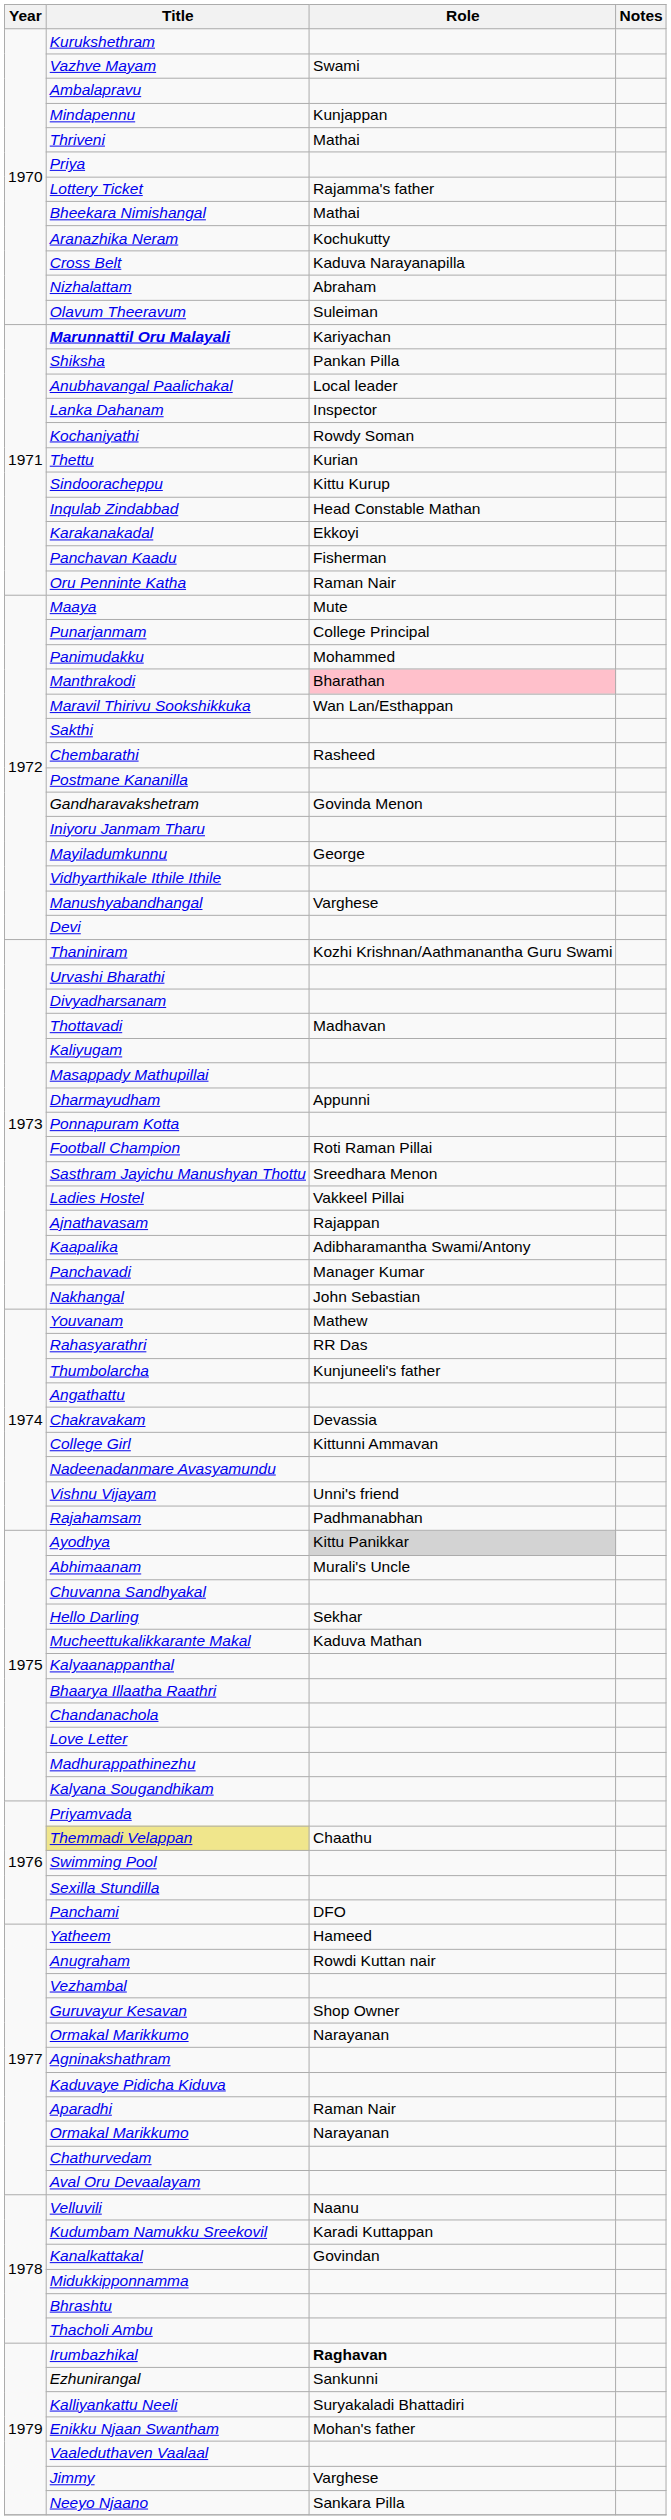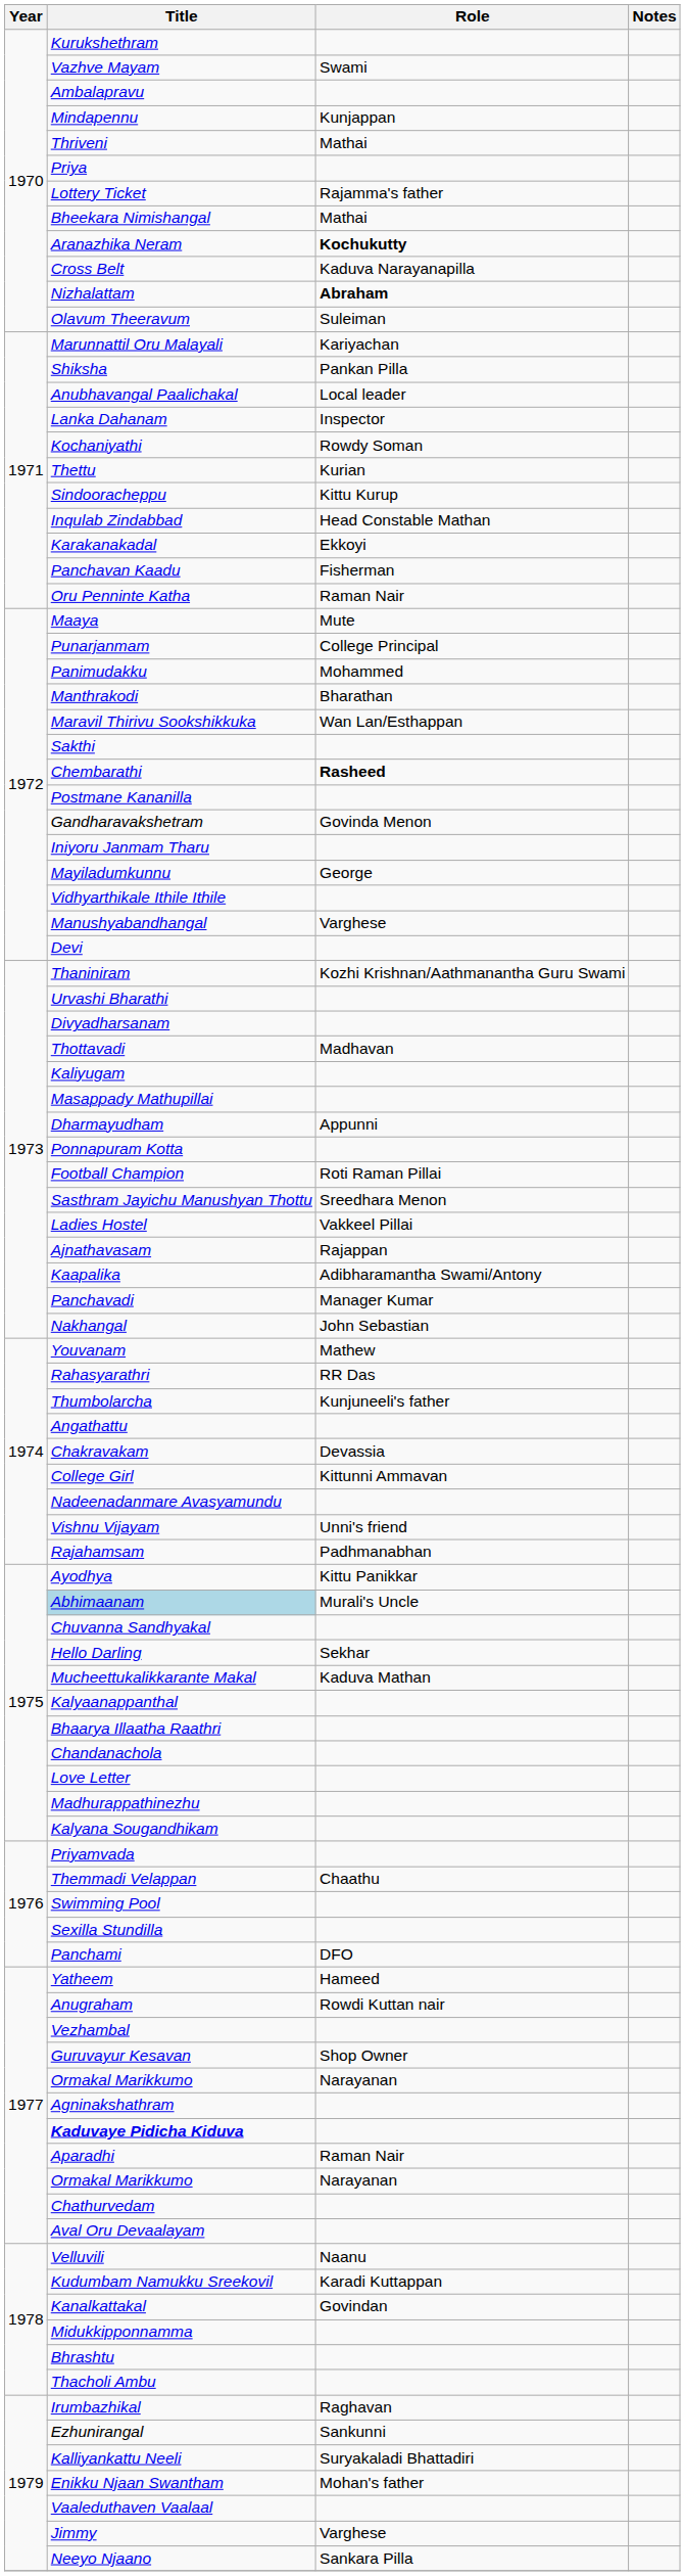 <table class="wikitable sortable">
 <tr>
 <th>Year</th>
 <th>Title</th>
 <th>Role</th>
 <th class="unsortable">Notes</th>
 </tr>
 <tr>
 <td rowspan=12>1970</td>
 <td><em><a href='#'>Kurukshethram</a></em></td>
 <td></td>
 <td></td>
 </tr>
 <tr>
 <td><em><a href='#'>Vazhve Mayam</a></em></td>
 <td>Swami</td>
 <td></td>
 </tr>
 <tr>
 <td><em><a href='#'>Ambalapravu</a></em></td>
 <td></td>
 <td></td>
 </tr>
 <tr>
 <td><em><a href='#'>Mindapennu</a></em></td>
 <td>Kunjappan</td>
 <td></td>
 </tr>
 <tr>
 <td><em><a href='#'>Thriveni</a></em></td>
 <td>Mathai</td>
 <td></td>
 </tr>
 <tr>
 <td><em><a href='#'>Priya</a></em></td>
 <td></td>
 <td></td>
 </tr>
 <tr>
 <td><em><a href='#'>Lottery Ticket</a></em></td>
 <td>Rajamma's father</td>
 <td></td>
 </tr>
 <tr>
 <td><em><a href='#'>Bheekara Nimishangal</a></em></td>
 <td>Mathai</td>
 <td></td>
 </tr>
 <tr>
 <td><em><a href='#'>Aranazhika Neram</a></em></td>
-<td>Kochukutty</td>
+<td><strong>Kochukutty</strong></td>
 <td></td>
 </tr>
 <tr>
 <td><em><a href='#'>Cross Belt</a></em></td>
 <td>Kaduva Narayanapilla</td>
 <td></td>
 </tr>
 <tr>
 <td><em><a href='#'>Nizhalattam</a></em></td>
-<td>Abraham</td>
+<td><strong>Abraham</strong></td>
 <td></td>
 </tr>
 <tr>
 <td><em><a href='#'>Olavum Theeravum</a></em></td>
 <td>Suleiman</td>
 <td></td>
 </tr>
 <tr>
 <td rowspan=11>1971</td>
-<td><strong><em><a href='#'>Marunnattil Oru Malayali</a></em></strong></td>
+<td><em><a href='#'>Marunnattil Oru Malayali</a></em></td>
 <td>Kariyachan</td>
 <td></td>
 </tr>
 <tr>
 <td><em><a href='#'>Shiksha</a></em></td>
 <td>Pankan Pilla</td>
 <td></td>
 </tr>
 <tr>
 <td><em><a href='#'>Anubhavangal Paalichakal</a></em></td>
 <td>Local leader</td>
 <td></td>
 </tr>
 <tr>
 <td><em><a href='#'>Lanka Dahanam</a></em></td>
 <td>Inspector</td>
 <td></td>
 </tr>
 <tr>
 <td><em><a href='#'>Kochaniyathi</a></em></td>
 <td>Rowdy Soman</td>
 <td></td>
 </tr>
 <tr>
 <td><em><a href='#'>Thettu</a></em></td>
 <td>Kurian</td>
 <td></td>
 </tr>
 <tr>
 <td><em><a href='#'>Sindooracheppu</a></em></td>
 <td>Kittu Kurup</td>
 <td></td>
 </tr>
 <tr>
 <td><em><a href='#'>Inqulab Zindabbad</a></em></td>
 <td>Head Constable Mathan</td>
 <td></td>
 </tr>
 <tr>
 <td><em><a href='#'>Karakanakadal</a></em></td>
 <td>Ekkoyi</td>
 <td></td>
 </tr>
 <tr>
 <td><em><a href='#'>Panchavan Kaadu</a></em></td>
 <td>Fisherman</td>
 <td></td>
 </tr>
 <tr>
 <td><em><a href='#'>Oru Penninte Katha</a></em></td>
 <td>Raman Nair</td>
 <td></td>
 </tr>
 <tr>
 <td rowspan=14>1972</td>
 <td><em><a href='#'>Maaya</a></em></td>
 <td>Mute</td>
 <td></td>
 </tr>
 <tr>
 <td><em><a href='#'>Punarjanmam</a></em></td>
 <td>College Principal</td>
 <td></td>
 </tr>
 <tr>
 <td><em><a href='#'>Panimudakku</a></em></td>
 <td>Mohammed</td>
 <td></td>
 </tr>
 <tr>
 <td><em><a href='#'>Manthrakodi</a></em></td>
-<td style="background: pink;">Bharathan</td>
+<td>Bharathan</td>
 <td></td>
 </tr>
 <tr>
 <td><em><a href='#'>Maravil Thirivu Sookshikkuka</a></em></td>
 <td>Wan Lan/Esthappan</td>
 <td></td>
 </tr>
 <tr>
 <td><em><a href='#'>Sakthi</a></em></td>
 <td></td>
 <td></td>
 </tr>
 <tr>
 <td><em><a href='#'>Chembarathi</a></em></td>
-<td>Rasheed</td>
+<td><strong>Rasheed</strong></td>
 <td></td>
 </tr>
 <tr>
 <td><em><a href='#'>Postmane Kananilla</a></em></td>
 <td></td>
 <td></td>
 </tr>
 <tr>
 <td><em>Gandharavakshetram</em></td>
 <td>Govinda Menon</td>
 <td></td>
 </tr>
 <tr>
 <td><em><a href='#'>Iniyoru Janmam Tharu</a></em></td>
 <td></td>
 <td></td>
 </tr>
 <tr>
 <td><em><a href='#'>Mayiladumkunnu</a></em></td>
 <td>George</td>
 <td></td>
 </tr>
 <tr>
 <td><em><a href='#'>Vidhyarthikale Ithile Ithile</a></em></td>
 <td></td>
 <td></td>
 </tr>
 <tr>
 <td><em><a href='#'>Manushyabandhangal</a></em></td>
 <td>Varghese</td>
 <td></td>
 </tr>
 <tr>
 <td><em><a href='#'>Devi</a></em></td>
 <td></td>
 <td></td>
 </tr>
 <tr>
 <td rowspan=15>1973</td>
 <td><em><a href='#'>Thaniniram</a></em></td>
 <td>Kozhi Krishnan/Aathmanantha Guru Swami</td>
 <td></td>
 </tr>
 <tr>
 <td><em><a href='#'>Urvashi Bharathi</a></em></td>
 <td></td>
 <td></td>
 </tr>
 <tr>
 <td><em><a href='#'>Divyadharsanam</a></em></td>
 <td></td>
 <td></td>
 </tr>
 <tr>
 <td><em><a href='#'>Thottavadi</a></em></td>
 <td>Madhavan</td>
 <td></td>
 </tr>
 <tr>
 <td><em><a href='#'>Kaliyugam</a></em></td>
 <td></td>
 <td></td>
 </tr>
 <tr>
 <td><em><a href='#'>Masappady Mathupillai</a></em></td>
 <td></td>
 <td></td>
 </tr>
 <tr>
 <td><em><a href='#'>Dharmayudham</a></em></td>
 <td>Appunni</td>
 <td></td>
 </tr>
 <tr>
 <td><em><a href='#'>Ponnapuram Kotta</a></em></td>
 <td></td>
 <td></td>
 </tr>
 <tr>
 <td><em><a href='#'>Football Champion</a></em></td>
 <td>Roti Raman Pillai</td>
 <td></td>
 </tr>
 <tr>
 <td><em><a href='#'>Sasthram Jayichu Manushyan Thottu</a></em></td>
 <td>Sreedhara Menon</td>
 <td></td>
 </tr>
 <tr>
 <td><em><a href='#'>Ladies Hostel</a></em></td>
 <td>Vakkeel Pillai</td>
 <td></td>
 </tr>
 <tr>
 <td><em><a href='#'>Ajnathavasam</a></em></td>
 <td>Rajappan</td>
 <td></td>
 </tr>
 <tr>
 <td><em><a href='#'>Kaapalika</a></em></td>
 <td>Adibharamantha Swami/Antony</td>
 <td></td>
 </tr>
 <tr>
 <td><em><a href='#'>Panchavadi</a></em></td>
 <td>Manager Kumar</td>
 <td></td>
 </tr>
 <tr>
 <td><em><a href='#'>Nakhangal</a></em></td>
 <td>John Sebastian</td>
 <td></td>
 </tr>
 <tr>
 <td rowspan=9>1974</td>
 <td><em><a href='#'>Youvanam</a></em></td>
 <td>Mathew</td>
 <td></td>
 </tr>
 <tr>
 <td><em><a href='#'>Rahasyarathri</a></em></td>
 <td>RR Das</td>
 <td></td>
 </tr>
 <tr>
 <td><em><a href='#'>Thumbolarcha</a></em></td>
 <td>Kunjuneeli's father</td>
 <td></td>
 </tr>
 <tr>
 <td><em><a href='#'>Angathattu</a></em></td>
 <td></td>
 <td></td>
 </tr>
 <tr>
 <td><em><a href='#'>Chakravakam</a></em></td>
 <td>Devassia</td>
 <td></td>
 </tr>
 <tr>
 <td><em><a href='#'>College Girl</a></em></td>
 <td>Kittunni Ammavan</td>
 <td></td>
 </tr>
 <tr>
 <td><em><a href='#'>Nadeenadanmare Avasyamundu</a></em></td>
 <td></td>
 <td></td>
 </tr>
 <tr>
 <td><em><a href='#'>Vishnu Vijayam</a></em></td>
 <td>Unni's friend</td>
 <td></td>
 </tr>
 <tr>
 <td><em><a href='#'>Rajahamsam</a></em></td>
 <td>Padhmanabhan</td>
 <td></td>
 </tr>
 <tr>
 <td rowspan=11>1975</td>
 <td><em><a href='#'>Ayodhya</a></em></td>
-<td style="background: lightgrey;">Kittu Panikkar</td>
+<td>Kittu Panikkar</td>
 <td></td>
 </tr>
 <tr>
-<td><em><a href='#'>Abhimaanam</a></em></td>
+<td style="background: lightblue;"><em><a href='#'>Abhimaanam</a></em></td>
 <td>Murali's Uncle</td>
 <td></td>
 </tr>
 <tr>
 <td><em><a href='#'>Chuvanna Sandhyakal</a></em></td>
 <td></td>
 <td></td>
 </tr>
 <tr>
 <td><em><a href='#'>Hello Darling</a></em></td>
 <td>Sekhar</td>
 <td></td>
 </tr>
 <tr>
 <td><em><a href='#'>Mucheettukalikkarante Makal</a></em></td>
 <td>Kaduva Mathan</td>
 <td></td>
 </tr>
 <tr>
 <td><em><a href='#'>Kalyaanappanthal</a></em></td>
 <td></td>
 <td></td>
 </tr>
 <tr>
 <td><em><a href='#'>Bhaarya Illaatha Raathri</a></em></td>
 <td></td>
 <td></td>
 </tr>
 <tr>
 <td><em><a href='#'>Chandanachola</a></em></td>
 <td></td>
 <td></td>
 </tr>
 <tr>
 <td><em><a href='#'>Love Letter</a></em></td>
 <td></td>
 <td></td>
 </tr>
 <tr>
 <td><em><a href='#'>Madhurappathinezhu</a></em></td>
 <td></td>
 <td></td>
 </tr>
 <tr>
 <td><em><a href='#'>Kalyana Sougandhikam</a></em></td>
 <td></td>
 <td></td>
 </tr>
 <tr>
 <td rowspan=5>1976</td>
 <td><em><a href='#'>Priyamvada</a></em></td>
 <td></td>
 <td></td>
 </tr>
 <tr>
-<td style="background: khaki;"><em><a href='#'>Themmadi Velappan</a></em></td>
+<td><em><a href='#'>Themmadi Velappan</a></em></td>
 <td>Chaathu</td>
 <td></td>
 </tr>
 <tr>
 <td><em><a href='#'>Swimming Pool</a></em></td>
 <td></td>
 <td></td>
 </tr>
 <tr>
 <td><em><a href='#'>Sexilla Stundilla</a></em></td>
 <td></td>
 <td></td>
 </tr>
 <tr>
 <td><em><a href='#'>Panchami</a></em></td>
 <td>DFO</td>
 <td></td>
 </tr>
 <tr>
 <td rowspan=11>1977</td>
 <td><em><a href='#'>Yatheem</a></em></td>
 <td>Hameed</td>
 <td></td>
 </tr>
 <tr>
 <td><em><a href='#'>Anugraham</a></em></td>
 <td>Rowdi Kuttan nair</td>
 <td></td>
 </tr>
 <tr>
 <td><em><a href='#'>Vezhambal</a></em></td>
 <td></td>
 <td></td>
 </tr>
 <tr>
 <td><em><a href='#'>Guruvayur Kesavan</a></em></td>
 <td>Shop Owner</td>
 <td></td>
 </tr>
 <tr>
 <td><em><a href='#'>Ormakal Marikkumo</a></em></td>
 <td>Narayanan</td>
 <td></td>
 </tr>
 <tr>
 <td><em><a href='#'>Agninakshathram</a></em></td>
 <td></td>
 <td></td>
 </tr>
 <tr>
-<td><em><a href='#'>Kaduvaye Pidicha Kiduva</a></em></td>
+<td><strong><em><a href='#'>Kaduvaye Pidicha Kiduva</a></em></strong></td>
 <td></td>
 <td></td>
 </tr>
 <tr>
 <td><em><a href='#'>Aparadhi</a></em></td>
 <td>Raman Nair</td>
 <td></td>
 </tr>
 <tr>
 <td><em><a href='#'>Ormakal Marikkumo</a></em></td>
 <td>Narayanan</td>
 <td></td>
 </tr>
 <tr>
 <td><em><a href='#'>Chathurvedam</a></em></td>
 <td></td>
 <td></td>
 </tr>
 <tr>
 <td><em><a href='#'>Aval Oru Devaalayam</a></em></td>
 <td></td>
 <td></td>
 </tr>
 <tr>
 <td rowspan=6>1978</td>
 <td><em><a href='#'>Velluvili</a></em></td>
 <td>Naanu</td>
 <td></td>
 </tr>
 <tr>
 <td><em><a href='#'>Kudumbam Namukku Sreekovil</a></em></td>
 <td>Karadi Kuttappan</td>
 <td></td>
 </tr>
 <tr>
 <td><em><a href='#'>Kanalkattakal</a></em></td>
 <td>Govindan</td>
 <td></td>
 </tr>
 <tr>
 <td><em><a href='#'>Midukkipponnamma</a></em></td>
 <td></td>
 <td></td>
 </tr>
 <tr>
 <td><em><a href='#'>Bhrashtu</a></em></td>
 <td></td>
 <td></td>
 </tr>
 <tr>
 <td><em><a href='#'>Thacholi Ambu</a></em></td>
 <td></td>
 <td></td>
 </tr>
 <tr>
 <td rowspan=7>1979</td>
 <td><em><a href='#'>Irumbazhikal</a></em></td>
-<td><strong>Raghavan</strong></td>
+<td>Raghavan</td>
 <td></td>
 </tr>
 <tr>
 <td><em>Ezhunirangal</em></td>
 <td>Sankunni</td>
 <td></td>
 </tr>
 <tr>
 <td><em><a href='#'>Kalliyankattu Neeli</a></em></td>
 <td>Suryakaladi Bhattadiri</td>
 <td></td>
 </tr>
 <tr>
 <td><em><a href='#'>Enikku Njaan Swantham</a></em></td>
 <td>Mohan's father</td>
 <td></td>
 </tr>
 <tr>
 <td><em><a href='#'>Vaaleduthaven Vaalaal</a></em></td>
 <td></td>
 <td></td>
 </tr>
 <tr>
 <td><em><a href='#'>Jimmy</a></em></td>
 <td>Varghese</td>
 <td></td>
 </tr>
 <tr>
 <td><em><a href='#'>Neeyo Njaano</a></em></td>
 <td>Sankara Pilla</td>
 <td></td>
 </tr>
 <tr>
 </tr>
 </table>
